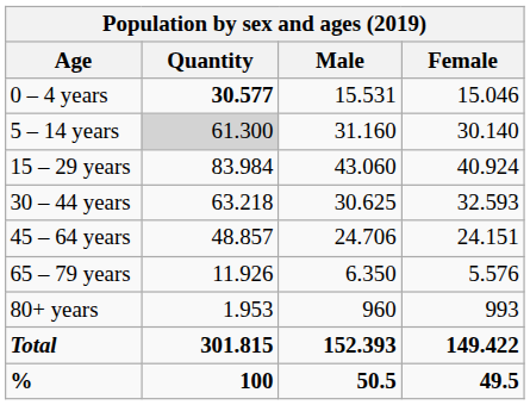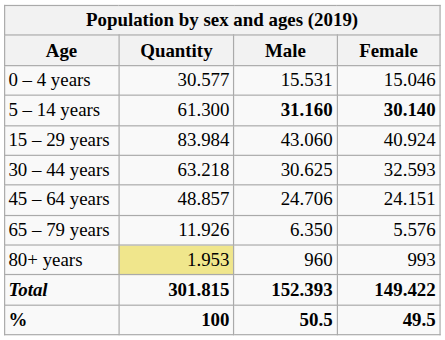 <table class="wikitable" | align="right">
 <tr>
 <th colspan="4">Population by sex and ages (2019)</th>
 </tr>
 <tr>
 <th width="90px;">Age</th>
 <th width="90px;">Quantity</th>
 <th width="80px;">Male</th>
 <th width="80px;">Female</th>
 </tr>
 <tr>
 <td align="left">0 – 4 years</td>
-<td align="right"><strong>30.577</strong></td>
+<td align="right">30.577</td>
 <td align="right">15.531</td>
 <td align="right">15.046</td>
 </tr>
 <tr>
 <td align="left">5 – 14 years</td>
-<td align="right" style="background: lightgrey;">61.300</td>
-<td align="right">31.160</td>
-<td align="right">30.140</td>
+<td align="right">61.300</td>
+<td align="right"><strong>31.160</strong></td>
+<td align="right"><strong>30.140</strong></td>
 </tr>
 <tr>
 <td align="left">15 – 29 years</td>
 <td align="right">83.984</td>
 <td align="right">43.060</td>
 <td align="right">40.924</td>
 </tr>
 <tr>
 <td align="left">30 – 44 years</td>
 <td align="right">63.218</td>
 <td align="right">30.625</td>
 <td align="right">32.593</td>
 </tr>
 <tr>
 <td align="left">45 – 64 years</td>
 <td align="right">48.857</td>
 <td align="right">24.706</td>
 <td align="right">24.151</td>
 </tr>
 <tr>
 <td align="left">65 – 79 years</td>
 <td align="right">11.926</td>
 <td align="right">6.350</td>
 <td align="right">5.576</td>
 </tr>
 <tr>
 <td align="left">80+ years</td>
-<td align="right">1.953</td>
+<td align="right" style="background: khaki;">1.953</td>
 <td align="right">960</td>
 <td align="right">993</td>
 </tr>
 <tr>
 <td align="left"><strong><em>Total</em></strong></td>
 <td align="right"><strong>301.815</strong></td>
 <td align="right"><strong>152.393</strong></td>
 <td align="right"><strong>149.422</strong></td>
 </tr>
 <tr>
 <td align="left"><strong>%</strong></td>
 <td align="right"><strong>100</strong></td>
 <td align="right"><strong>50.5</strong></td>
 <td align="right"><strong>49.5</strong></td>
 </tr>
 </table>
